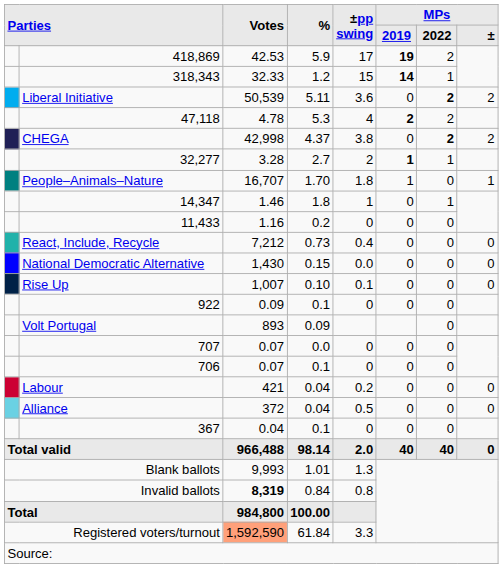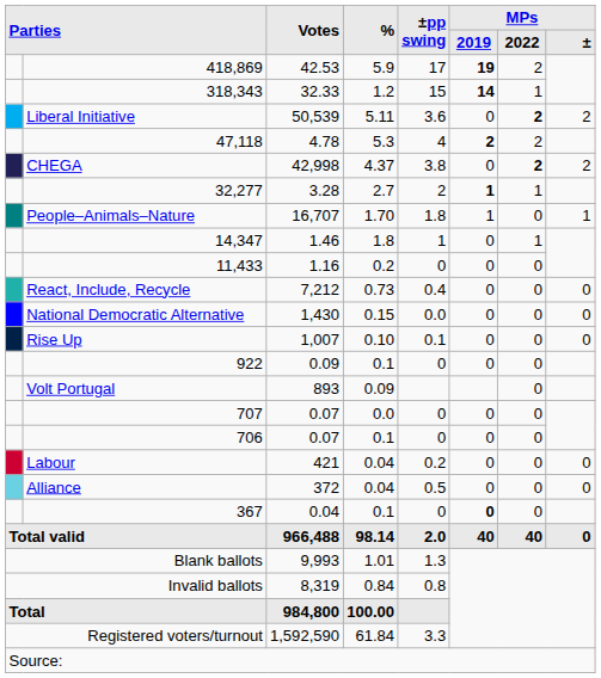 <table class="wikitable" style="text-align:right; font-size:95%;">
 <tr>
 <th rowspan="2" colspan="2" style="background:#e9e9e9; text-align:left;" alignleft><a href='#'>Parties</a></th>
 <th rowspan="2" style="background:#e9e9e9; text-align:right;">Votes</th>
 <th rowspan="2" style="background:#e9e9e9; text-align:right;">%</th>
 <th rowspan="2" style="background:#e9e9e9; text-align:right;">±<a href='#'>pp</a> <a href='#'>swing</a></th>
 <th colspan="3" style="background:#e9e9e9; text-align:center;"><a href='#'>MPs</a></th>
 </tr>
 <tr style="background-color:#E9E9E9">
 <th style="background-color:#E9E9E9;text-align:center;"><a href='#'>2019</a></th>
 <th style="background-color:#E9E9E9;text-align:center;">2022</th>
 <th style="background:#e9e9e9; text-align:right;">±</th>
 </tr>
 <tr>
 <td></td>
 <td>418,869</td>
 <td>42.53</td>
 <td>5.9</td>
 <td>17</td>
 <td><strong>19</strong></td>
 <td>2</td>
 </tr>
 <tr>
 <td></td>
 <td>318,343</td>
 <td>32.33</td>
 <td>1.2</td>
 <td>15</td>
 <td><strong>14</strong></td>
 <td>1</td>
 </tr>
 <tr>
 <td style="width: 10px" bgcolor="#00ADEF" align="center"></td>
 <td align="left"><a href='#'>Liberal Initiative</a></td>
 <td>50,539</td>
 <td>5.11</td>
 <td>3.6</td>
 <td>0</td>
 <td><strong>2</strong></td>
 <td>2</td>
 </tr>
 <tr>
 <td></td>
 <td>47,118</td>
 <td>4.78</td>
 <td>5.3</td>
 <td>4</td>
 <td><strong>2</strong></td>
 <td>2</td>
 </tr>
 <tr>
 <td style="width: 10px" bgcolor="#202056" align="center"></td>
 <td align="left"><a href='#'>CHEGA</a></td>
 <td>42,998</td>
 <td>4.37</td>
 <td>3.8</td>
 <td>0</td>
 <td><strong>2</strong></td>
 <td>2</td>
 </tr>
 <tr>
 <td></td>
 <td>32,277</td>
 <td>3.28</td>
 <td>2.7</td>
 <td>2</td>
 <td><strong>1</strong></td>
 <td>1</td>
 </tr>
 <tr>
 <td style="width: 10px" bgcolor="teal" align="center"></td>
 <td align="left"><a href='#'>People–Animals–Nature</a></td>
 <td>16,707</td>
 <td>1.70</td>
 <td>1.8</td>
 <td>1</td>
 <td>0</td>
 <td>1</td>
 </tr>
 <tr>
 <td></td>
 <td>14,347</td>
 <td>1.46</td>
 <td>1.8</td>
 <td>1</td>
 <td>0</td>
 <td>1</td>
 </tr>
 <tr>
 <td></td>
 <td>11,433</td>
 <td>1.16</td>
 <td>0.2</td>
 <td>0</td>
 <td>0</td>
 <td>0</td>
 </tr>
 <tr>
 <td style="width: 10px" bgcolor="LightSeaGreen" align="center"></td>
 <td align="left"><a href='#'>React, Include, Recycle</a></td>
 <td>7,212</td>
 <td>0.73</td>
 <td>0.4</td>
 <td>0</td>
 <td>0</td>
 <td>0</td>
 </tr>
 <tr>
 <td style="width: 10px" bgcolor="blue" align="center"></td>
 <td align="left"><a href='#'>National Democratic Alternative</a></td>
 <td>1,430</td>
 <td>0.15</td>
 <td>0.0</td>
 <td>0</td>
 <td>0</td>
 <td>0</td>
 </tr>
 <tr>
 <td style="width: 10px" bgcolor="#002147" align="center"></td>
 <td align="left"><a href='#'>Rise Up</a></td>
 <td>1,007</td>
 <td>0.10</td>
 <td>0.1</td>
 <td>0</td>
 <td>0</td>
 <td>0</td>
 </tr>
 <tr>
 <td></td>
 <td>922</td>
 <td>0.09</td>
 <td>0.1</td>
 <td>0</td>
 <td>0</td>
 <td>0</td>
 </tr>
 <tr>
 <td style="width: 10px"></td>
 <td align="left"><a href='#'>Volt Portugal</a></td>
 <td>893</td>
 <td>0.09</td>
 <td></td>
 <td></td>
 <td>0</td>
 <td></td>
 </tr>
 <tr>
 <td></td>
 <td>707</td>
 <td>0.07</td>
 <td>0.0</td>
 <td>0</td>
 <td>0</td>
 <td>0</td>
 </tr>
 <tr>
 <td></td>
 <td>706</td>
 <td>0.07</td>
 <td>0.1</td>
 <td>0</td>
 <td>0</td>
 <td>0</td>
 </tr>
 <tr>
 <td style="width: 10px" bgcolor="#CC0033" align="center"></td>
 <td align="left"><a href='#'>Labour</a></td>
 <td>421</td>
 <td>0.04</td>
 <td>0.2</td>
 <td>0</td>
 <td>0</td>
 <td>0</td>
 </tr>
 <tr>
 <td style="width: 10px" bgcolor="#6AD1E3" align="center"></td>
 <td align="left"><a href='#'>Alliance</a></td>
 <td>372</td>
 <td>0.04</td>
 <td>0.5</td>
 <td>0</td>
 <td>0</td>
 <td>0</td>
 </tr>
 <tr>
 <td></td>
 <td>367</td>
 <td>0.04</td>
 <td>0.1</td>
 <td>0</td>
-<td>0</td>
+<td><strong>0</strong></td>
 <td>0</td>
 </tr>
 <tr>
 <td colspan=2 width="247" align=left style="background-color:#E9E9E9"><strong>Total valid</strong></td>
 <td width="65" align="right" style="background-color:#E9E9E9"><strong>966,488</strong></td>
 <td width="40" align="right" style="background-color:#E9E9E9"><strong>98.14</strong></td>
 <td width="40" align="right" style="background-color:#E9E9E9"><strong>2.0</strong></td>
 <td width="40" align="right" style="background-color:#E9E9E9"><strong>40</strong></td>
 <td width="40" align="right" style="background-color:#E9E9E9"><strong>40</strong></td>
 <td width="40" align="right" style="background-color:#E9E9E9"><strong>0</strong></td>
 </tr>
 <tr>
 <td colspan=2>Blank ballots</td>
 <td>9,993</td>
 <td>1.01</td>
 <td>1.3</td>
 <td colspan=4 rowspan=4></td>
 </tr>
 <tr>
 <td colspan=2>Invalid ballots</td>
-<td><strong>8,319</strong></td>
+<td>8,319</td>
 <td>0.84</td>
 <td>0.8</td>
 </tr>
 <tr>
 <td colspan=2 align=left style="background-color:#E9E9E9"><strong>Total</strong></td>
 <td width="50" align="right" style="background-color:#E9E9E9"><strong>984,800</strong></td>
 <td width="40" align="right" style="background-color:#E9E9E9"><strong>100.00</strong></td>
 <td width="40" align="right" style="background-color:#E9E9E9"></td>
 </tr>
 <tr>
 <td colspan=2>Registered voters/turnout</td>
-<td style="background: lightsalmon;">1,592,590</td>
+<td>1,592,590</td>
 <td>61.84</td>
 <td>3.3</td>
 </tr>
 <tr>
 <td colspan=11 align=left>Source: </td>
 </tr>
 </table>
